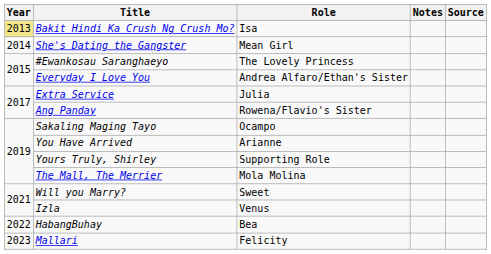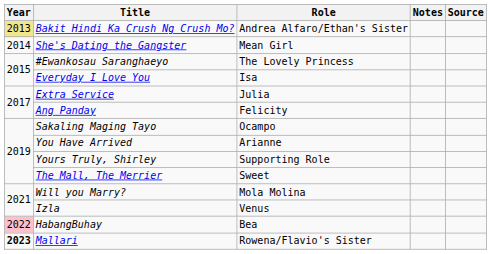 <table class="wikitable sortable" >
 <tr>
 <th>Year</th>
 <th>Title</th>
 <th>Role</th>
 <th class="unsortable">Notes </th>
 <th class="unsortable">Source </th>
 </tr>
 <tr>
 <td style="background: khaki;">2013</td>
 <td><em><a href='#'>Bakit Hindi Ka Crush Ng Crush Mo?</a></em></td>
-<td>Isa</td>
+<td>Andrea Alfaro/Ethan's Sister</td>
 <td></td>
 <td></td>
 </tr>
 <tr>
 <td>2014</td>
 <td><em><a href='#'>She's Dating the Gangster</a></em></td>
 <td>Mean Girl</td>
 <td></td>
 <td></td>
 </tr>
 <tr>
 <td rowspan="2">2015</td>
 <td><em>#Ewankosau Saranghaeyo</em></td>
 <td>The Lovely Princess</td>
 <td></td>
 <td></td>
 </tr>
 <tr>
 <td><em><a href='#'>Everyday I Love You</a></em></td>
-<td>Andrea Alfaro/Ethan's Sister</td>
+<td>Isa</td>
 <td></td>
 <td></td>
 </tr>
 <tr>
 <td rowspan="2">2017</td>
 <td><em><a href='#'>Extra Service</a></em></td>
 <td>Julia</td>
 <td></td>
 <td></td>
 </tr>
 <tr>
 <td><em><a href='#'>Ang Panday</a></em></td>
-<td>Rowena/Flavio's Sister</td>
+<td>Felicity</td>
 <td></td>
 <td></td>
 </tr>
 <tr>
 <td rowspan="4">2019</td>
 <td><em>Sakaling Maging Tayo</em></td>
 <td> Ocampo</td>
 <td></td>
 <td></td>
 </tr>
 <tr>
 <td><em>You Have Arrived</em></td>
 <td>Arianne</td>
 <td></td>
 <td></td>
 </tr>
 <tr>
 <td><em>Yours Truly, Shirley</em></td>
 <td>Supporting Role</td>
 <td></td>
 <td></td>
 </tr>
 <tr>
 <td><em><a href='#'>The Mall, The Merrier</a></em></td>
-<td>Mola Molina</td>
+<td>Sweet</td>
 <td></td>
 <td></td>
 </tr>
 <tr>
 <td rowspan="2">2021</td>
 <td><em>Will you Marry?</em></td>
-<td>Sweet</td>
+<td>Mola Molina</td>
 <td></td>
 <td></td>
 </tr>
 <tr>
 <td><em>Izla</em></td>
 <td>Venus</td>
 <td></td>
 <td></td>
 </tr>
 <tr>
-<td>2022</td>
+<td style="background: pink;">2022</td>
 <td><em>HabangBuhay</em></td>
 <td>Bea</td>
 <td></td>
 <td></td>
 </tr>
 <tr>
-<td>2023</td>
+<td><strong>2023</strong></td>
 <td><em><a href='#'>Mallari</a></td>
-<td>Felicity</td>
+<td>Rowena/Flavio's Sister</td>
 <td></td>
 <td></td>
 </tr>
 </table>
